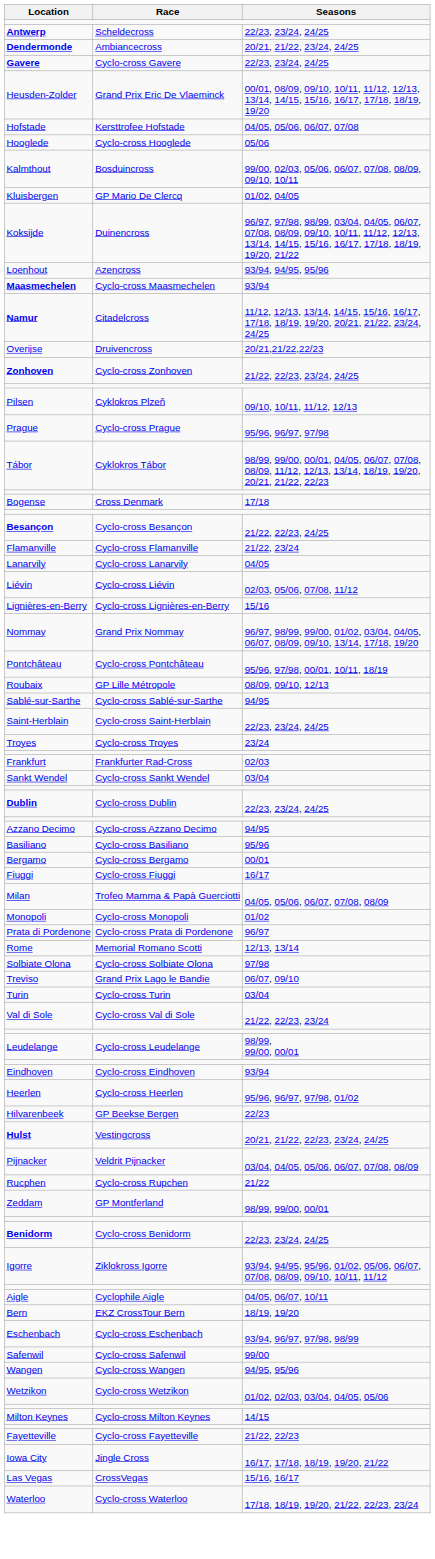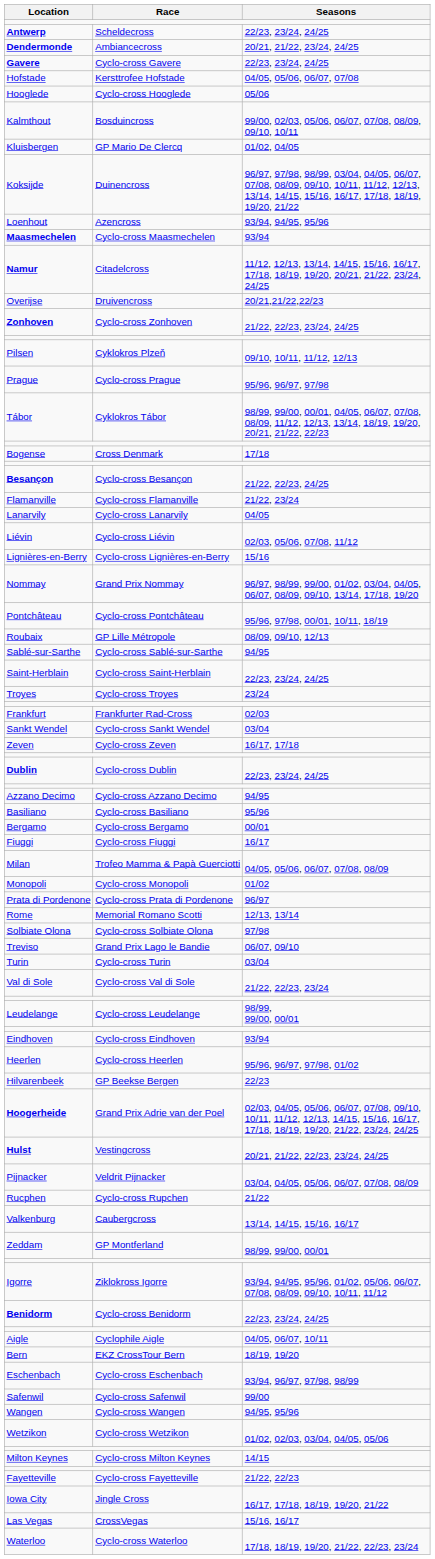 <table class="wikitable collapsible autocollapse">
 <tr>
 <th>Location</th>
 <th>Race</th>
 <th width="300">Seasons</th>
 </tr>
 <tr>
 <td colspan="3" align="center"></td>
 </tr>
 <tr>
 <td><strong><a href='#'>Antwerp</a></strong></td>
 <td><a href='#'>Scheldecross</a></td>
 <td><a href='#'>22/23</a>, <a href='#'>23/24</a>, <a href='#'>24/25</a></td>
 </tr>
 <tr>
 <td><strong><a href='#'>Dendermonde</a></strong></td>
 <td><a href='#'>Ambiancecross</a></td>
 <td><a href='#'>20/21</a>, <a href='#'>21/22</a>, <a href='#'>23/24</a>, <a href='#'>24/25</a></td>
 </tr>
 <tr>
 <td><strong><a href='#'>Gavere</a></strong></td>
 <td><a href='#'>Cyclo-cross Gavere</a></td>
 <td><a href='#'>22/23</a>, <a href='#'>23/24</a>, <a href='#'>24/25</a></td>
-</tr>
-<tr>
-<td><a href='#'>Heusden-Zolder</a></td>
-<td><a href='#'>Grand Prix Eric De Vlaeminck</a></td>
-<td><br><a href='#'>00/01</a>, <a href='#'>08/09</a>, <a href='#'>09/10</a>, <a href='#'>10/11</a>, <a href='#'>11/12</a>, <a href='#'>12/13</a>, <a href='#'>13/14</a>, <a href='#'>14/15</a>, <a href='#'>15/16</a>, <a href='#'>16/17</a>, <a href='#'>17/18</a>, <a href='#'>18/19</a>, <a href='#'>19/20</a></td>
 </tr>
 <tr>
 <td><a href='#'>Hofstade</a></td>
 <td><a href='#'>Kersttrofee Hofstade</a></td>
 <td><a href='#'>04/05</a>, <a href='#'>05/06</a>, <a href='#'>06/07</a>, <a href='#'>07/08</a></td>
 </tr>
 <tr>
 <td><a href='#'>Hooglede</a></td>
 <td><a href='#'>Cyclo-cross Hooglede</a></td>
 <td><a href='#'>05/06</a></td>
 </tr>
 <tr>
 <td><a href='#'>Kalmthout</a></td>
 <td><a href='#'>Bosduincross</a></td>
 <td><br><a href='#'>99/00</a>, <a href='#'>02/03</a>, <a href='#'>05/06</a>, <a href='#'>06/07</a>, <a href='#'>07/08</a>, <a href='#'>08/09</a>, <a href='#'>09/10</a>, <a href='#'>10/11</a></td>
 </tr>
 <tr>
 <td><a href='#'>Kluisbergen</a></td>
 <td><a href='#'>GP Mario De Clercq</a></td>
 <td><a href='#'>01/02</a>, <a href='#'>04/05</a></td>
 </tr>
 <tr>
 <td><a href='#'>Koksijde</a></td>
 <td><a href='#'>Duinencross</a></td>
 <td><br><a href='#'>96/97</a>, <a href='#'>97/98</a>, <a href='#'>98/99</a>, <a href='#'>03/04</a>, <a href='#'>04/05</a>, <a href='#'>06/07</a>, <a href='#'>07/08</a>, <a href='#'>08/09</a>, <a href='#'>09/10</a>, <a href='#'>10/11</a>, <a href='#'>11/12</a>, <a href='#'>12/13</a>, <a href='#'>13/14</a>, <a href='#'>14/15</a>, <a href='#'>15/16</a>, <a href='#'>16/17</a>, <a href='#'>17/18</a>, <a href='#'>18/19</a>, <a href='#'>19/20</a>, <a href='#'>21/22</a></td>
 </tr>
 <tr>
 <td><a href='#'>Loenhout</a></td>
 <td><a href='#'>Azencross</a></td>
 <td><a href='#'>93/94</a>, <a href='#'>94/95</a>, <a href='#'>95/96</a></td>
 </tr>
 <tr>
 <td><strong><a href='#'>Maasmechelen</a></strong></td>
 <td><a href='#'>Cyclo-cross Maasmechelen</a></td>
 <td><a href='#'>93/94</a></td>
 </tr>
 <tr>
 <td><strong><a href='#'>Namur</a></strong></td>
 <td><a href='#'>Citadelcross</a></td>
 <td><br><a href='#'>11/12</a>, <a href='#'>12/13</a>, <a href='#'>13/14</a>, <a href='#'>14/15</a>, <a href='#'>15/16</a>, <a href='#'>16/17</a>, <a href='#'>17/18</a>, <a href='#'>18/19</a>, <a href='#'>19/20</a>, <a href='#'>20/21</a>, <a href='#'>21/22</a>, <a href='#'>23/24</a>, <a href='#'>24/25</a></td>
 </tr>
 <tr>
 <td><a href='#'>Overijse</a></td>
 <td><a href='#'>Druivencross</a></td>
 <td><a href='#'>20/21</a>,<a href='#'>21/22</a>,<a href='#'>22/23</a></td>
 </tr>
 <tr>
 <td><strong><a href='#'>Zonhoven</a></strong></td>
 <td><a href='#'>Cyclo-cross Zonhoven</a></td>
 <td><br><a href='#'>21/22</a>, <a href='#'>22/23</a>, <a href='#'>23/24</a>, <a href='#'>24/25</a></td>
 </tr>
 <tr>
 <td colspan="3" align="center"></td>
 </tr>
 <tr>
 <td><a href='#'>Pilsen</a></td>
 <td><a href='#'>Cyklokros Plzeň</a></td>
 <td><br><a href='#'>09/10</a>, <a href='#'>10/11</a>, <a href='#'>11/12</a>, <a href='#'>12/13</a></td>
 </tr>
 <tr>
 <td><a href='#'>Prague</a></td>
 <td><a href='#'>Cyclo-cross Prague</a></td>
 <td><br><a href='#'>95/96</a>, <a href='#'>96/97</a>, <a href='#'>97/98</a></td>
 </tr>
 <tr>
 <td><a href='#'>Tábor</a></td>
 <td><a href='#'>Cyklokros Tábor</a></td>
 <td><br><a href='#'>98/99</a>, <a href='#'>99/00</a>, <a href='#'>00/01</a>, <a href='#'>04/05</a>, <a href='#'>06/07</a>, <a href='#'>07/08</a>, <a href='#'>08/09</a>, <a href='#'>11/12</a>, <a href='#'>12/13</a>, <a href='#'>13/14</a>, <a href='#'>18/19</a>, <a href='#'>19/20</a>, <a href='#'>20/21</a>, <a href='#'>21/22</a>, <a href='#'>22/23</a></td>
 </tr>
 <tr>
 <td colspan="3" align="center"></td>
 </tr>
 <tr>
 <td><a href='#'>Bogense</a></td>
 <td><a href='#'>Cross Denmark</a></td>
 <td><a href='#'>17/18</a></td>
 </tr>
 <tr>
 <td colspan="3" align="center"></td>
 </tr>
 <tr>
 <td><strong><a href='#'>Besançon</a></strong></td>
 <td><a href='#'>Cyclo-cross Besançon</a></td>
 <td><br><a href='#'>21/22</a>, <a href='#'>22/23</a>, <a href='#'>24/25</a></td>
 </tr>
 <tr>
 <td><a href='#'>Flamanville</a></td>
 <td><a href='#'>Cyclo-cross Flamanville</a></td>
 <td><a href='#'>21/22</a>, <a href='#'>23/24</a></td>
 </tr>
 <tr>
 <td><a href='#'>Lanarvily</a></td>
 <td><a href='#'>Cyclo-cross Lanarvily</a></td>
 <td><a href='#'>04/05</a></td>
 </tr>
 <tr>
 <td><a href='#'>Liévin</a></td>
 <td><a href='#'>Cyclo-cross Liévin</a></td>
 <td><br><a href='#'>02/03</a>, <a href='#'>05/06</a>, <a href='#'>07/08</a>, <a href='#'>11/12</a></td>
 </tr>
 <tr>
 <td><a href='#'>Lignières-en-Berry</a></td>
 <td><a href='#'>Cyclo-cross Lignières-en-Berry</a></td>
 <td><a href='#'>15/16</a></td>
 </tr>
 <tr>
 <td><a href='#'>Nommay</a></td>
 <td><a href='#'>Grand Prix Nommay</a></td>
 <td><br><a href='#'>96/97</a>, <a href='#'>98/99</a>, <a href='#'>99/00</a>, <a href='#'>01/02</a>, <a href='#'>03/04</a>, <a href='#'>04/05</a>, <a href='#'>06/07</a>, <a href='#'>08/09</a>, <a href='#'>09/10</a>, <a href='#'>13/14</a>, <a href='#'>17/18</a>, <a href='#'>19/20</a></td>
 </tr>
 <tr>
 <td><a href='#'>Pontchâteau</a></td>
 <td><a href='#'>Cyclo-cross Pontchâteau</a></td>
 <td><br><a href='#'>95/96</a>, <a href='#'>97/98</a>, <a href='#'>00/01</a>, <a href='#'>10/11</a>, <a href='#'>18/19</a></td>
 </tr>
 <tr>
 <td><a href='#'>Roubaix</a></td>
 <td><a href='#'>GP Lille Métropole</a></td>
 <td><a href='#'>08/09</a>, <a href='#'>09/10</a>, <a href='#'>12/13</a></td>
 </tr>
 <tr>
 <td><a href='#'>Sablé-sur-Sarthe</a></td>
 <td><a href='#'>Cyclo-cross Sablé-sur-Sarthe</a></td>
 <td><a href='#'>94/95</a></td>
 </tr>
 <tr>
 <td><a href='#'>Saint-Herblain</a></td>
 <td><a href='#'>Cyclo-cross Saint-Herblain</a></td>
 <td><br><a href='#'>22/23</a>, <a href='#'>23/24</a>, <a href='#'>24/25</a></td>
 </tr>
 <tr>
 <td><a href='#'>Troyes</a></td>
 <td><a href='#'>Cyclo-cross Troyes</a></td>
 <td><a href='#'>23/24</a></td>
 </tr>
 <tr>
 <td colspan="3" align="center"></td>
 </tr>
 <tr>
 <td><a href='#'>Frankfurt</a></td>
 <td><a href='#'>Frankfurter Rad-Cross</a></td>
 <td><a href='#'>02/03</a></td>
 </tr>
 <tr>
 <td><a href='#'>Sankt Wendel</a></td>
 <td><a href='#'>Cyclo-cross Sankt Wendel</a></td>
 <td><a href='#'>03/04</a></td>
 </tr>
 <tr>
+<td><a href='#'>Zeven</a></td>
+<td><a href='#'>Cyclo-cross Zeven</a></td>
+<td><a href='#'>16/17</a>, <a href='#'>17/18</a></td>
+</tr>
+<tr>
 <td colspan="3" align="center"></td>
 </tr>
 <tr>
 <td><strong><a href='#'>Dublin</a></strong></td>
 <td><a href='#'>Cyclo-cross Dublin</a></td>
 <td><br><a href='#'>22/23</a>, <a href='#'>23/24</a>, <a href='#'>24/25</a></td>
 </tr>
 <tr>
 <td colspan="3" align="center"></td>
 </tr>
 <tr>
 <td><a href='#'>Azzano Decimo</a></td>
 <td><a href='#'>Cyclo-cross Azzano Decimo</a></td>
 <td><a href='#'>94/95</a></td>
 </tr>
 <tr>
 <td><a href='#'>Basiliano</a></td>
 <td><a href='#'>Cyclo-cross Basiliano</a></td>
 <td><a href='#'>95/96</a></td>
 </tr>
 <tr>
 <td><a href='#'>Bergamo</a></td>
 <td><a href='#'>Cyclo-cross Bergamo</a></td>
 <td><a href='#'>00/01</a></td>
 </tr>
 <tr>
 <td><a href='#'>Fiuggi</a></td>
 <td><a href='#'>Cyclo-cross Fiuggi</a></td>
 <td><a href='#'>16/17</a></td>
 </tr>
 <tr>
 <td><a href='#'>Milan</a></td>
 <td><a href='#'>Trofeo Mamma & Papà Guerciotti</a></td>
 <td><br><a href='#'>04/05</a>, <a href='#'>05/06</a>, <a href='#'>06/07</a>, <a href='#'>07/08</a>, <a href='#'>08/09</a></td>
 </tr>
 <tr>
 <td><a href='#'>Monopoli</a></td>
 <td><a href='#'>Cyclo-cross Monopoli</a></td>
 <td><a href='#'>01/02</a></td>
 </tr>
 <tr>
 <td><a href='#'>Prata di Pordenone</a></td>
 <td><a href='#'>Cyclo-cross Prata di Pordenone</a></td>
 <td><a href='#'>96/97</a></td>
 </tr>
 <tr>
 <td><a href='#'>Rome</a></td>
 <td><a href='#'>Memorial Romano Scotti</a></td>
 <td><a href='#'>12/13</a>, <a href='#'>13/14</a></td>
 </tr>
 <tr>
 <td><a href='#'>Solbiate Olona</a></td>
 <td><a href='#'>Cyclo-cross Solbiate Olona</a></td>
 <td><a href='#'>97/98</a></td>
 </tr>
 <tr>
 <td><a href='#'>Treviso</a></td>
 <td><a href='#'>Grand Prix Lago le Bandie</a></td>
 <td><a href='#'>06/07</a>, <a href='#'>09/10</a></td>
 </tr>
 <tr>
 <td><a href='#'>Turin</a></td>
 <td><a href='#'>Cyclo-cross Turin</a></td>
 <td><a href='#'>03/04</a></td>
 </tr>
 <tr>
 <td><a href='#'>Val di Sole</a></td>
 <td><a href='#'>Cyclo-cross Val di Sole</a></td>
 <td><br><a href='#'>21/22</a>, <a href='#'>22/23</a>, <a href='#'>23/24</a></td>
 </tr>
 <tr>
 <td colspan="3" align="center"></td>
 </tr>
 <tr>
 <td><a href='#'>Leudelange</a></td>
 <td><a href='#'>Cyclo-cross Leudelange</a></td>
 <td><a href='#'>98/99</a>,<br><a href='#'>99/00</a>, <a href='#'>00/01</a></td>
 </tr>
 <tr>
 <td colspan="3" align="center"></td>
 </tr>
 <tr>
 <td><a href='#'>Eindhoven</a></td>
 <td><a href='#'>Cyclo-cross Eindhoven</a></td>
 <td><a href='#'>93/94</a></td>
 </tr>
 <tr>
 <td><a href='#'>Heerlen</a></td>
 <td><a href='#'>Cyclo-cross Heerlen</a></td>
 <td><br><a href='#'>95/96</a>, <a href='#'>96/97</a>, <a href='#'>97/98</a>, <a href='#'>01/02</a></td>
 </tr>
 <tr>
 <td><a href='#'>Hilvarenbeek</a></td>
 <td><a href='#'>GP Beekse Bergen</a></td>
 <td><a href='#'>22/23</a></td>
 </tr>
 <tr>
+<td><strong><a href='#'>Hoogerheide</a></strong></td>
+<td><a href='#'>Grand Prix Adrie van der Poel</a></td>
+<td><br><a href='#'>02/03</a>, <a href='#'>04/05</a>, <a href='#'>05/06</a>, <a href='#'>06/07</a>, <a href='#'>07/08</a>, <a href='#'>09/10</a>, <a href='#'>10/11</a>, <a href='#'>11/12</a>, <a href='#'>12/13</a>, <a href='#'>14/15</a>, <a href='#'>15/16</a>, <a href='#'>16/17</a>, <a href='#'>17/18</a>, <a href='#'>18/19</a>, <a href='#'>19/20</a>, <a href='#'>21/22</a>, <a href='#'>23/24</a>, <a href='#'>24/25</a></td>
+</tr>
+<tr>
 <td><strong><a href='#'>Hulst</a></strong></td>
 <td><a href='#'>Vestingcross</a></td>
 <td><br><a href='#'>20/21</a>, <a href='#'>21/22</a>, <a href='#'>22/23</a>, <a href='#'>23/24</a>, <a href='#'>24/25</a></td>
 </tr>
 <tr>
 <td><a href='#'>Pijnacker</a></td>
 <td><a href='#'>Veldrit Pijnacker</a></td>
 <td><br><a href='#'>03/04</a>, <a href='#'>04/05</a>, <a href='#'>05/06</a>, <a href='#'>06/07</a>, <a href='#'>07/08</a>, <a href='#'>08/09</a></td>
 </tr>
 <tr>
 <td><a href='#'>Rucphen</a></td>
 <td><a href='#'>Cyclo-cross Rupchen</a></td>
 <td><a href='#'>21/22</a></td>
 </tr>
 <tr>
+<td><a href='#'>Valkenburg</a></td>
+<td><a href='#'>Caubergcross</a></td>
+<td><br><a href='#'>13/14</a>, <a href='#'>14/15</a>, <a href='#'>15/16</a>, <a href='#'>16/17</a></td>
+</tr>
+<tr>
 <td><a href='#'>Zeddam</a></td>
 <td><a href='#'>GP Montferland</a></td>
 <td><br><a href='#'>98/99</a>, <a href='#'>99/00</a>, <a href='#'>00/01</a></td>
 </tr>
 <tr>
 <td colspan="3" align="center"></td>
 </tr>
 <tr>
+<td><a href='#'>Igorre</a></td>
+<td><a href='#'>Ziklokross Igorre</a></td>
+<td><br><a href='#'>93/94</a>, <a href='#'>94/95</a>, <a href='#'>95/96</a>, <a href='#'>01/02</a>, <a href='#'>05/06</a>, <a href='#'>06/07</a>, <a href='#'>07/08</a>, <a href='#'>08/09</a>, <a href='#'>09/10</a>, <a href='#'>10/11</a>, <a href='#'>11/12</a></td>
+</tr>
+<tr>
 <td><strong><a href='#'>Benidorm</a></strong></td>
 <td><a href='#'>Cyclo-cross Benidorm</a></td>
 <td><br><a href='#'>22/23</a>, <a href='#'>23/24</a>, <a href='#'>24/25</a></td>
-</tr>
-<tr>
-<td><a href='#'>Igorre</a></td>
-<td><a href='#'>Ziklokross Igorre</a></td>
-<td><br><a href='#'>93/94</a>, <a href='#'>94/95</a>, <a href='#'>95/96</a>, <a href='#'>01/02</a>, <a href='#'>05/06</a>, <a href='#'>06/07</a>, <a href='#'>07/08</a>, <a href='#'>08/09</a>, <a href='#'>09/10</a>, <a href='#'>10/11</a>, <a href='#'>11/12</a></td>
 </tr>
 <tr>
 <td colspan="3" align="center"></td>
 </tr>
 <tr>
 <td><a href='#'>Aigle</a></td>
 <td><a href='#'>Cyclophile Aigle</a></td>
 <td><a href='#'>04/05</a>, <a href='#'>06/07</a>, <a href='#'>10/11</a></td>
 </tr>
 <tr>
 <td><a href='#'>Bern</a></td>
 <td><a href='#'>EKZ CrossTour Bern</a></td>
 <td><a href='#'>18/19</a>, <a href='#'>19/20</a></td>
 </tr>
 <tr>
 <td><a href='#'>Eschenbach</a></td>
 <td><a href='#'>Cyclo-cross Eschenbach</a></td>
 <td><br><a href='#'>93/94</a>, <a href='#'>96/97</a>, <a href='#'>97/98</a>, <a href='#'>98/99</a></td>
 </tr>
 <tr>
 <td><a href='#'>Safenwil</a></td>
 <td><a href='#'>Cyclo-cross Safenwil</a></td>
 <td><a href='#'>99/00</a></td>
 </tr>
 <tr>
 <td><a href='#'>Wangen</a></td>
 <td><a href='#'>Cyclo-cross Wangen</a></td>
 <td><a href='#'>94/95</a>, <a href='#'>95/96</a></td>
 </tr>
 <tr>
 <td><a href='#'>Wetzikon</a></td>
 <td><a href='#'>Cyclo-cross Wetzikon</a></td>
 <td><br><a href='#'>01/02</a>, <a href='#'>02/03</a>, <a href='#'>03/04</a>, <a href='#'>04/05</a>, <a href='#'>05/06</a></td>
 </tr>
 <tr>
 <td colspan="3" align="center"></td>
 </tr>
 <tr>
 <td><a href='#'>Milton Keynes</a></td>
 <td><a href='#'>Cyclo-cross Milton Keynes</a></td>
 <td><a href='#'>14/15</a></td>
 </tr>
 <tr>
 <td colspan="3" align="center"></td>
 </tr>
 <tr>
 <td><a href='#'>Fayetteville</a></td>
 <td><a href='#'>Cyclo-cross Fayetteville</a></td>
 <td><a href='#'>21/22</a>, <a href='#'>22/23</a></td>
 </tr>
 <tr>
 <td><a href='#'>Iowa City</a></td>
 <td><a href='#'>Jingle Cross</a></td>
 <td><br><a href='#'>16/17</a>, <a href='#'>17/18</a>, <a href='#'>18/19</a>, <a href='#'>19/20</a>, <a href='#'>21/22</a></td>
 </tr>
 <tr>
 <td><a href='#'>Las Vegas</a></td>
 <td><a href='#'>CrossVegas</a></td>
 <td><a href='#'>15/16</a>, <a href='#'>16/17</a></td>
 </tr>
 <tr>
 <td><a href='#'>Waterloo</a></td>
 <td><a href='#'>Cyclo-cross Waterloo</a></td>
 <td><br><a href='#'>17/18</a>, <a href='#'>18/19</a>, <a href='#'>19/20</a>, <a href='#'>21/22</a>, <a href='#'>22/23</a>, <a href='#'>23/24</a></td>
 </tr>
 </table>
